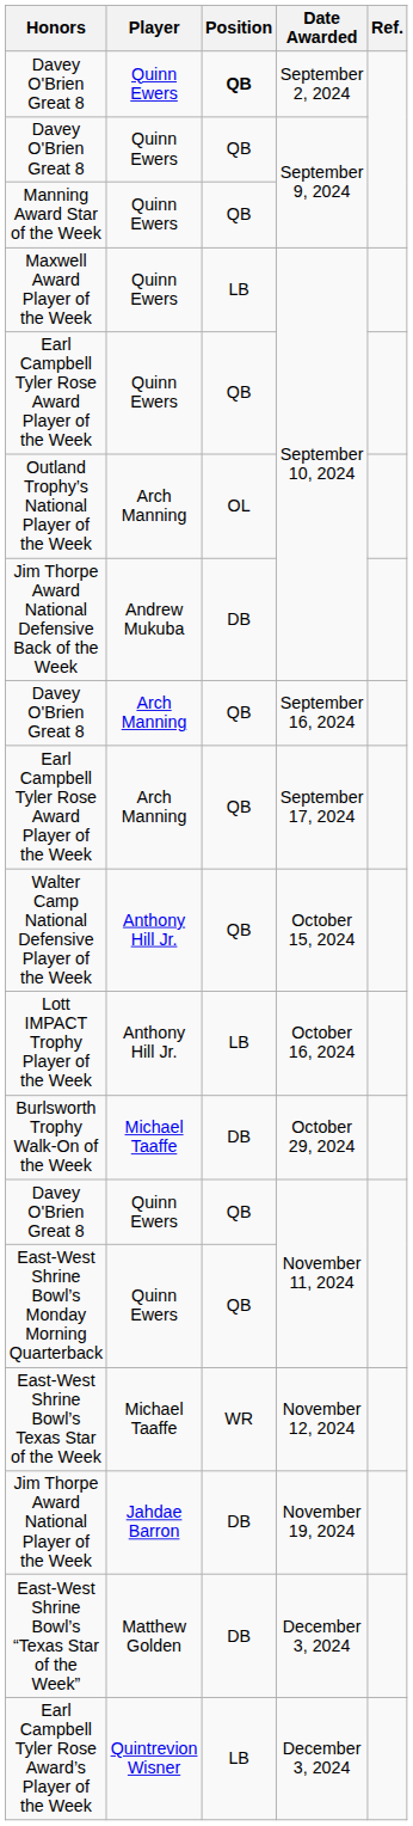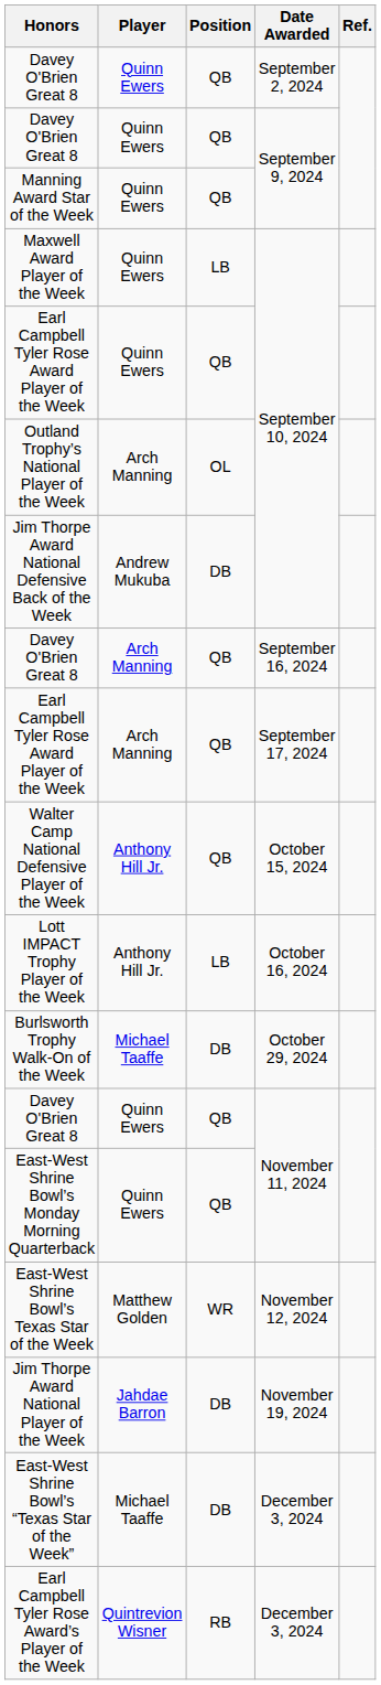 <table class="wikitable" style="width: 60%;text-align: center;">
 <tr>
 <th>Honors</th>
 <th>Player</th>
 <th>Position</th>
 <th>Date Awarded</th>
 <th>Ref.</th>
 </tr>
 <tr align="center">
 <td rowspan="1">Davey O'Brien Great 8</td>
 <td><a href='#'>Quinn Ewers</a></td>
-<td><strong>QB</strong></td>
+<td>QB</td>
 <td rowspan="1">September 2, 2024</td>
 <td rowspan="3"></td>
 </tr>
 <tr align="center">
 <td rowspan="1">Davey O'Brien Great 8</td>
 <td>Quinn Ewers</td>
 <td>QB</td>
 <td rowspan="2">September 9, 2024</td>
 </tr>
 <tr align="center">
 <td rowspan="1">Manning Award Star of the Week</td>
 <td>Quinn Ewers</td>
 <td>QB</td>
 </tr>
 <tr align="center">
 <td rowspan="1">Maxwell Award Player of the Week</td>
 <td>Quinn Ewers</td>
 <td>LB</td>
 <td rowspan="4">September 10, 2024</td>
 <td rowspan="1"></td>
 </tr>
 <tr align="center">
 <td rowspan="1">Earl Campbell Tyler Rose Award Player of the Week</td>
 <td>Quinn Ewers</td>
 <td>QB</td>
 <td rowspan="1"></td>
 </tr>
 <tr align="center">
 <td rowspan="1">Outland Trophy’s National Player of the Week</td>
 <td>Arch Manning</td>
 <td>OL</td>
 <td rowspan="1"></td>
 </tr>
 <tr align="center">
 <td rowspan="1">Jim Thorpe Award National Defensive Back of the Week</td>
 <td>Andrew Mukuba</td>
 <td>DB</td>
 <td rowspan="1"></td>
 </tr>
 <tr align="center">
 <td rowspan="1">Davey O'Brien Great 8</td>
 <td><a href='#'>Arch Manning</a></td>
 <td>QB</td>
 <td rowspan="1">September 16, 2024</td>
 <td rowspan="1"></td>
 </tr>
 <tr align="center">
 <td rowspan="1">Earl Campbell Tyler Rose Award Player of the Week</td>
 <td>Arch Manning</td>
 <td>QB</td>
 <td rowspan="1">September 17, 2024</td>
 <td rowspan="1"></td>
 </tr>
 <tr align="center">
 <td rowspan="1">Walter Camp National Defensive Player of the Week</td>
 <td><a href='#'>Anthony Hill Jr.</a></td>
 <td>QB</td>
 <td rowspan="1">October 15, 2024</td>
 <td rowspan="1"></td>
 </tr>
 <tr align="center">
 <td rowspan="1">Lott IMPACT Trophy Player of the Week</td>
 <td>Anthony Hill Jr.</td>
 <td>LB</td>
 <td rowspan="1">October 16, 2024</td>
 <td rowspan="1"></td>
 </tr>
 <tr align="center">
 <td rowspan="1">Burlsworth Trophy Walk-On of the Week</td>
 <td><a href='#'>Michael Taaffe</a></td>
 <td>DB</td>
 <td rowspan="1">October 29, 2024</td>
 <td rowspan="1"></td>
 </tr>
 <tr align="center">
 <td rowspan="1">Davey O'Brien Great 8</td>
 <td>Quinn Ewers</td>
 <td>QB</td>
 <td rowspan="2">November 11, 2024</td>
 <td rowspan="2"></td>
 </tr>
 <tr align="center">
 <td rowspan="1">East-West Shrine Bowl’s Monday Morning Quarterback</td>
 <td>Quinn Ewers</td>
 <td>QB</td>
 </tr>
 <tr align="center">
 <td rowspan="1">East-West Shrine Bowl’s Texas Star of the Week</td>
-<td>Michael Taaffe</td>
+<td>Matthew Golden</td>
 <td>WR</td>
 <td rowspan="1">November 12, 2024</td>
 <td rowspan="1"></td>
 </tr>
 <tr align="center">
 <td rowspan="1">Jim Thorpe Award National Player of the Week</td>
 <td><a href='#'>Jahdae Barron</a></td>
 <td>DB</td>
 <td rowspan="1">November 19, 2024</td>
 <td rowspan="1"></td>
 </tr>
 <tr align="center">
 <td rowspan="1">East-West Shrine Bowl’s “Texas Star of the Week”</td>
-<td>Matthew Golden</td>
+<td>Michael Taaffe</td>
 <td>DB</td>
 <td rowspan="1">December 3, 2024</td>
 <td rowspan="1"></td>
 </tr>
 <tr align="center">
 <td rowspan="1">Earl Campbell Tyler Rose Award’s Player of the Week</td>
 <td><a href='#'>Quintrevion Wisner</a></td>
-<td>LB</td>
+<td>RB</td>
 <td rowspan="1">December 3, 2024</td>
 <td rowspan="1"></td>
 </tr>
 </table>
